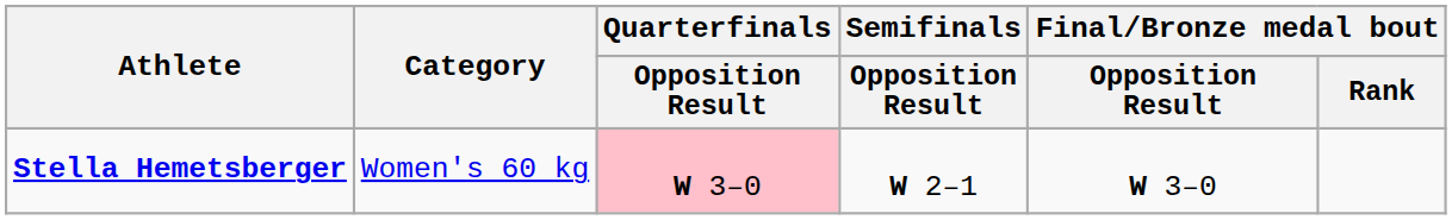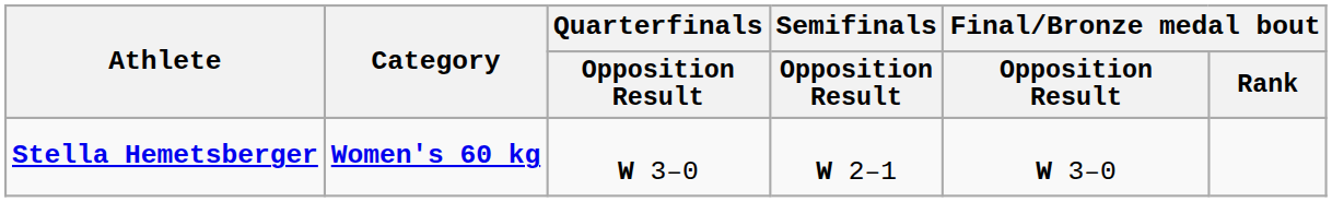 <table class="wikitable" style="text-align:center; font-size:90%">
 <tr>
 <th rowspan=2>Athlete</th>
 <th rowspan=2>Category</th>
 <th>Quarterfinals</th>
 <th>Semifinals</th>
 <th colspan=2>Final/Bronze medal bout</th>
 </tr>
 <tr style="font-size:95%">
 <th>Opposition<br>Result</th>
 <th>Opposition<br>Result</th>
 <th>Opposition<br>Result</th>
 <th>Rank</th>
 </tr>
 <tr>
 <td align=left><strong><a href='#'>Stella Hemetsberger</a></strong></td>
-<td align=left><a href='#'>Women's 60 kg</a></td>
-<td style="background: pink;"><br> <strong>W</strong> 3–0</td>
+<td align=left><strong><a href='#'>Women's 60 kg</a></strong></td>
+<td><br> <strong>W</strong> 3–0</td>
 <td><br> <strong>W</strong> 2–1</td>
 <td><br> <strong>W</strong> 3–0</td>
 <td></td>
 </tr>
 </table>
